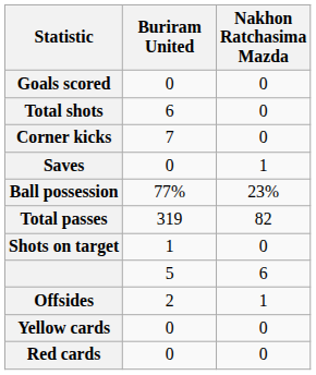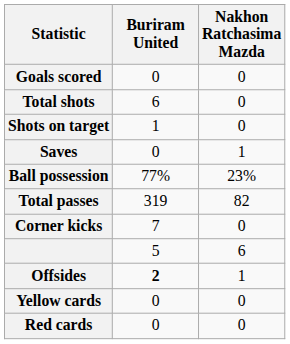 <table class="wikitable plainrowheaders" style="text-align:center">
 <tr>
 <th scope="col">Statistic</th>
 <th scope="col" style="width:80px">Buriram United</th>
 <th scope="col" style="width:80px">Nakhon Ratchasima Mazda</th>
 </tr>
 <tr>
 <th scope=row>Goals scored</th>
 <td>0</td>
 <td>0</td>
 </tr>
 <tr>
 <th scope=row>Total shots</th>
 <td>6</td>
 <td>0</td>
 </tr>
 <tr>
-<th scope=row>Corner kicks</th>
-<td>7</td>
+<th scope=row>Shots on target</th>
+<td>1</td>
 <td>0</td>
 </tr>
 <tr>
 <th scope=row>Saves</th>
 <td>0</td>
 <td>1</td>
 </tr>
 <tr>
 <th scope=row>Ball possession</th>
 <td>77%</td>
 <td>23%</td>
 </tr>
 <tr>
 <th scope=row>Total passes</th>
 <td>319</td>
 <td>82</td>
 </tr>
 <tr>
-<th scope=row>Shots on target</th>
-<td>1</td>
+<th scope=row>Corner kicks</th>
+<td>7</td>
 <td>0</td>
 </tr>
 <tr>
 <th scope=row></th>
 <td>5</td>
 <td>6</td>
 </tr>
 <tr>
 <th scope=row>Offsides</th>
-<td>2</td>
+<td><strong>2</strong></td>
 <td>1</td>
 </tr>
 <tr>
 <th scope=row>Yellow cards</th>
 <td>0</td>
 <td>0</td>
 </tr>
 <tr>
 <th scope=row>Red cards</th>
 <td>0</td>
 <td>0</td>
 </tr>
 </table>
